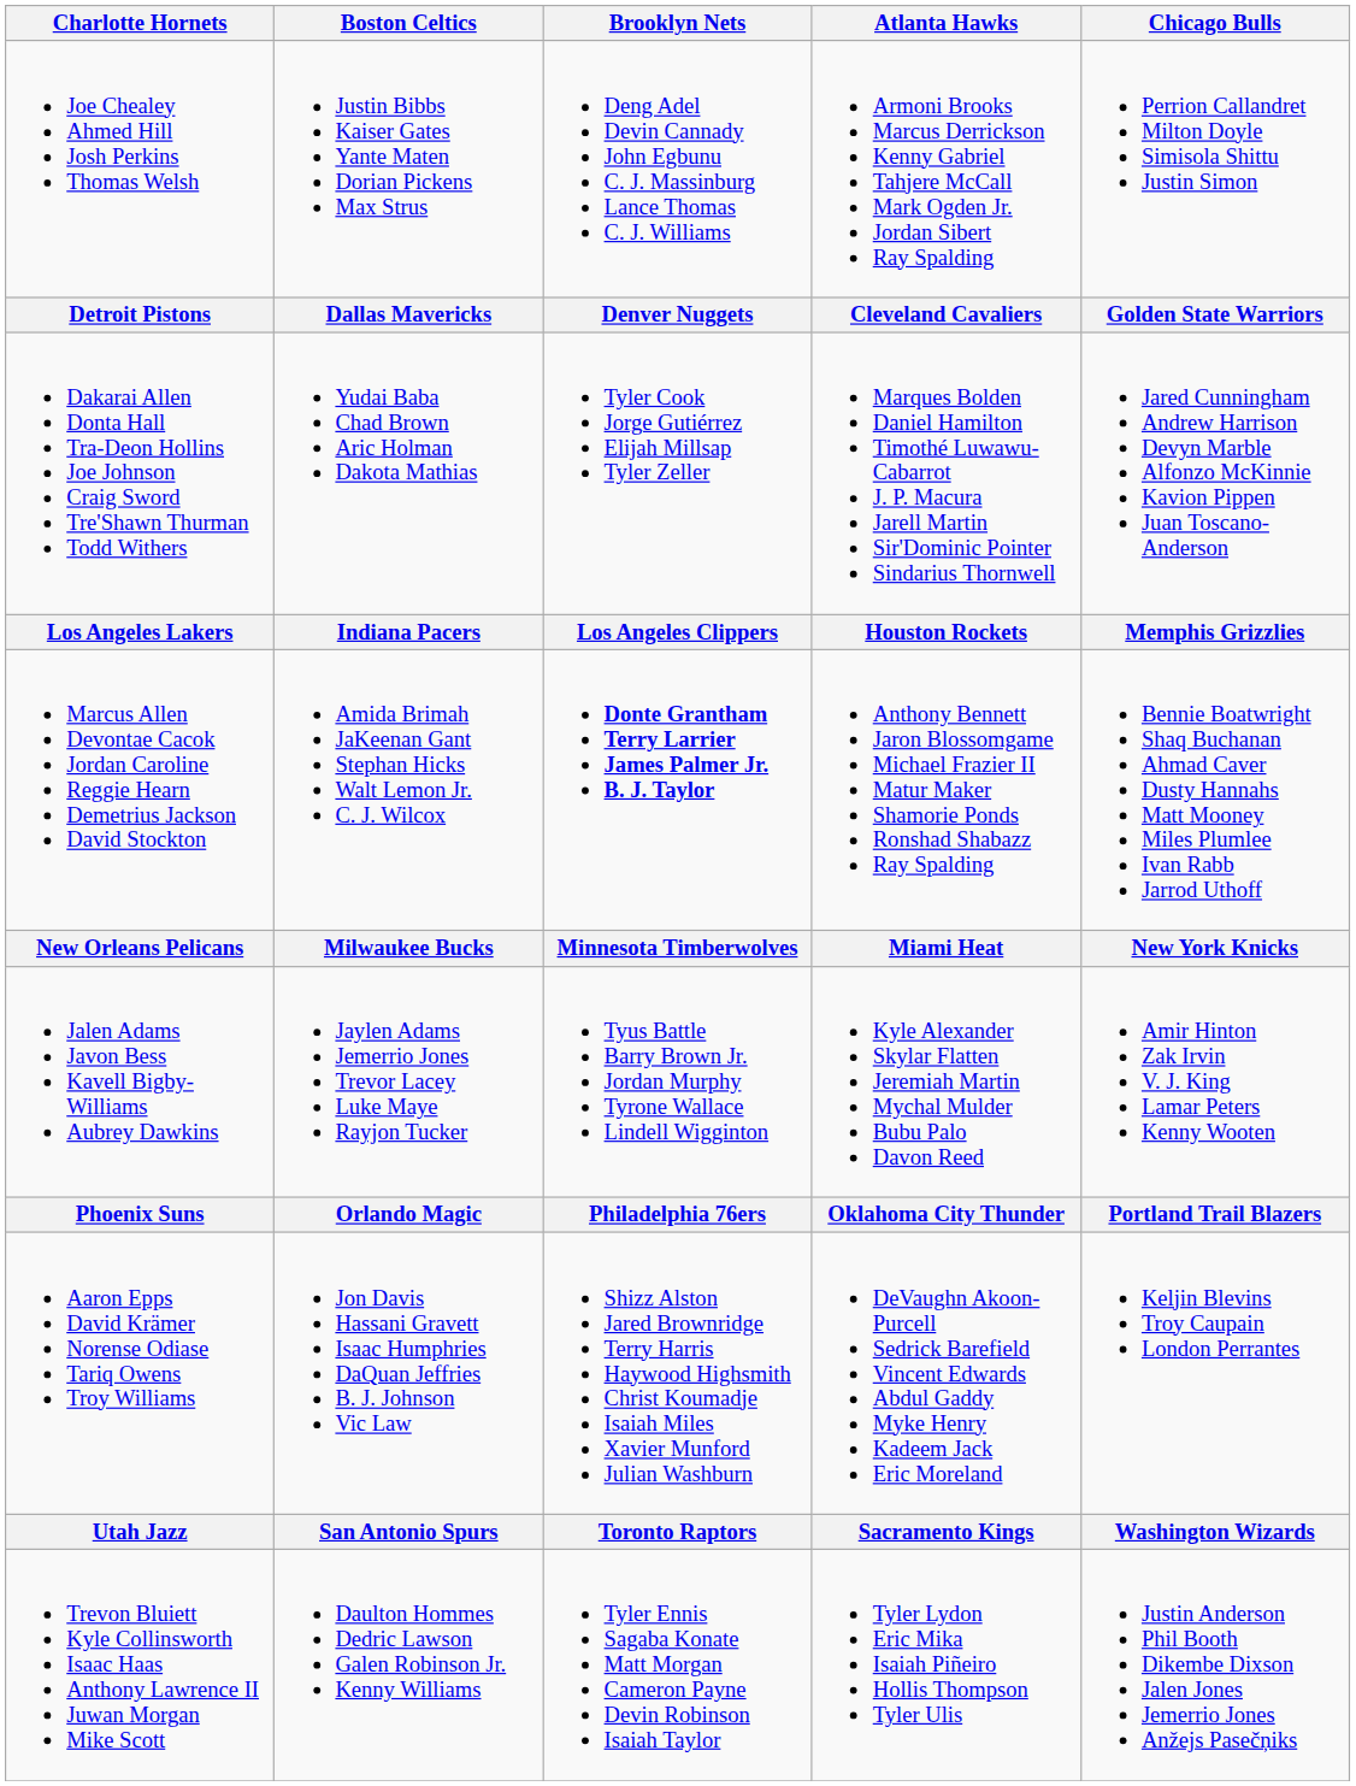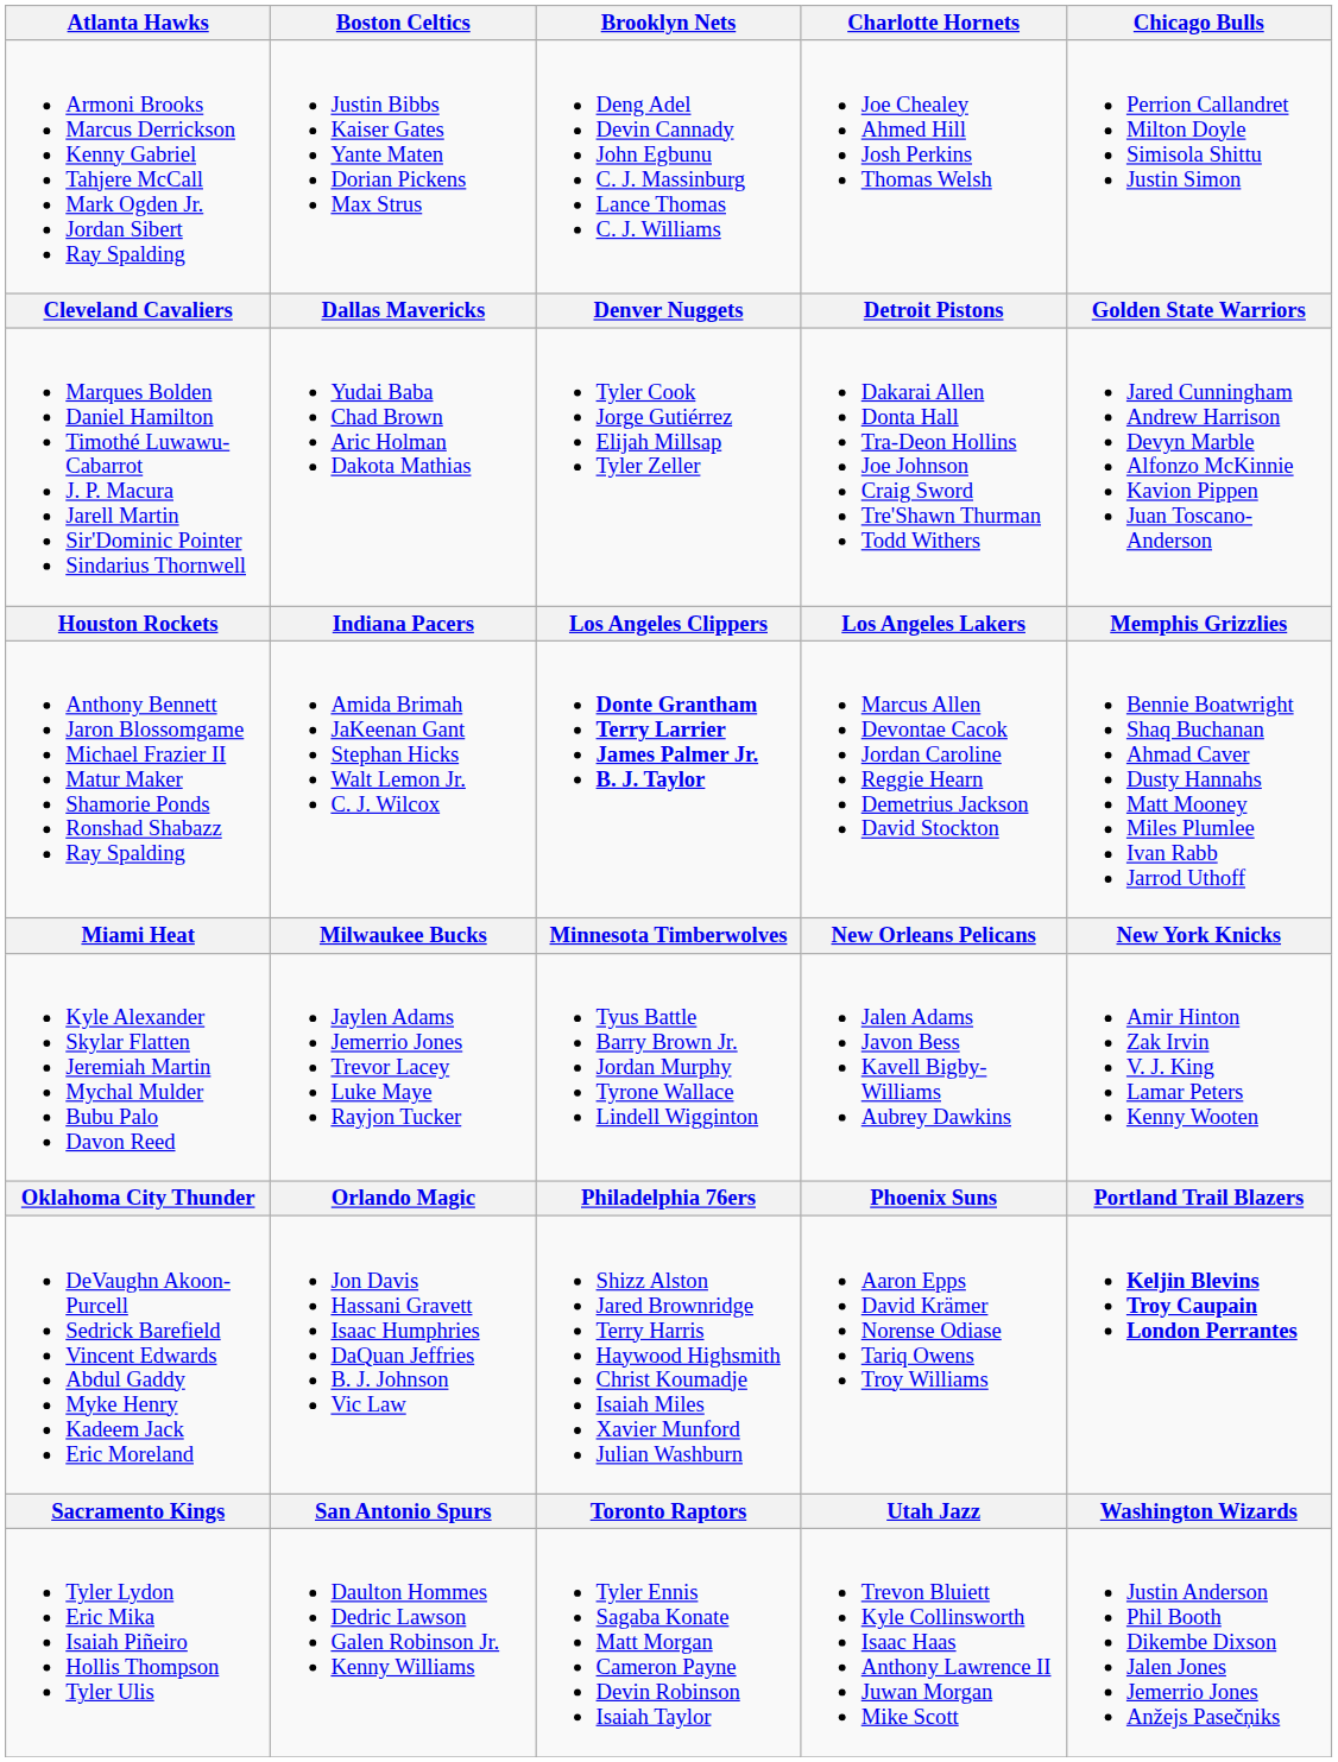 <table class="wikitable">
 <tr>
-<th style="width:185px"><a href='#'>Charlotte Hornets</a></th>
+<th style="width:185px"><a href='#'>Atlanta Hawks</a></th>
 <th style="width:185px"><a href='#'>Boston Celtics</a></th>
 <th style="width:185px"><a href='#'>Brooklyn Nets</a></th>
-<th style="width:185px"><a href='#'>Atlanta Hawks</a></th>
+<th style="width:185px"><a href='#'>Charlotte Hornets</a></th>
 <th style="width:185px"><a href='#'>Chicago Bulls</a></th>
 </tr>
 <tr>
-<td valign=top><br><ul><li><a href='#'>Joe Chealey</a></li><li><a href='#'>Ahmed Hill</a></li><li><a href='#'>Josh Perkins</a></li><li><a href='#'>Thomas Welsh</a></li></ul></td>
+<td valign=top><br><ul><li><a href='#'>Armoni Brooks</a></li><li><a href='#'>Marcus Derrickson</a></li><li><a href='#'>Kenny Gabriel</a></li><li><a href='#'>Tahjere McCall</a></li><li><a href='#'>Mark Ogden Jr.</a></li><li><a href='#'>Jordan Sibert</a></li><li><a href='#'>Ray Spalding</a></li></ul></td>
 <td valign=top><br><ul><li><a href='#'>Justin Bibbs</a></li><li><a href='#'>Kaiser Gates</a></li><li><a href='#'>Yante Maten</a></li><li><a href='#'>Dorian Pickens</a></li><li><a href='#'>Max Strus</a></li></ul></td>
 <td valign=top><br><ul><li><a href='#'>Deng Adel</a></li><li><a href='#'>Devin Cannady</a></li><li><a href='#'>John Egbunu</a></li><li><a href='#'>C. J. Massinburg</a></li><li><a href='#'>Lance Thomas</a></li><li><a href='#'>C. J. Williams</a></li></ul></td>
-<td valign=top><br><ul><li><a href='#'>Armoni Brooks</a></li><li><a href='#'>Marcus Derrickson</a></li><li><a href='#'>Kenny Gabriel</a></li><li><a href='#'>Tahjere McCall</a></li><li><a href='#'>Mark Ogden Jr.</a></li><li><a href='#'>Jordan Sibert</a></li><li><a href='#'>Ray Spalding</a></li></ul></td>
+<td valign=top><br><ul><li><a href='#'>Joe Chealey</a></li><li><a href='#'>Ahmed Hill</a></li><li><a href='#'>Josh Perkins</a></li><li><a href='#'>Thomas Welsh</a></li></ul></td>
 <td valign=top><br><ul><li><a href='#'>Perrion Callandret</a></li><li><a href='#'>Milton Doyle</a></li><li><a href='#'>Simisola Shittu</a></li><li><a href='#'>Justin Simon</a></li></ul></td>
 </tr>
 <tr>
-<th style="width:185px"><a href='#'>Detroit Pistons</a></th>
+<th style="width:185px"><a href='#'>Cleveland Cavaliers</a></th>
 <th style="width:185px"><a href='#'>Dallas Mavericks</a></th>
 <th style="width:185px"><a href='#'>Denver Nuggets</a></th>
-<th style="width:185px"><a href='#'>Cleveland Cavaliers</a></th>
+<th style="width:185px"><a href='#'>Detroit Pistons</a></th>
 <th style="width:185px"><a href='#'>Golden State Warriors</a></th>
 </tr>
 <tr>
-<td valign=top><br><ul><li><a href='#'>Dakarai Allen</a></li><li><a href='#'>Donta Hall</a></li><li><a href='#'>Tra-Deon Hollins</a></li><li><a href='#'>Joe Johnson</a></li><li><a href='#'>Craig Sword</a></li><li><a href='#'>Tre'Shawn Thurman</a></li><li><a href='#'>Todd Withers</a></li></ul></td>
+<td valign=top><br><ul><li><a href='#'>Marques Bolden</a></li><li><a href='#'>Daniel Hamilton</a></li><li><a href='#'>Timothé Luwawu-Cabarrot</a></li><li><a href='#'>J. P. Macura</a></li><li><a href='#'>Jarell Martin</a></li><li><a href='#'>Sir'Dominic Pointer</a></li><li><a href='#'>Sindarius Thornwell</a></li></ul></td>
 <td valign=top><br><ul><li><a href='#'>Yudai Baba</a></li><li><a href='#'>Chad Brown</a></li><li><a href='#'>Aric Holman</a></li><li><a href='#'>Dakota Mathias</a></li></ul></td>
 <td valign=top><br><ul><li><a href='#'>Tyler Cook</a></li><li><a href='#'>Jorge Gutiérrez</a></li><li><a href='#'>Elijah Millsap</a></li><li><a href='#'>Tyler Zeller</a></li></ul></td>
-<td valign=top><br><ul><li><a href='#'>Marques Bolden</a></li><li><a href='#'>Daniel Hamilton</a></li><li><a href='#'>Timothé Luwawu-Cabarrot</a></li><li><a href='#'>J. P. Macura</a></li><li><a href='#'>Jarell Martin</a></li><li><a href='#'>Sir'Dominic Pointer</a></li><li><a href='#'>Sindarius Thornwell</a></li></ul></td>
+<td valign=top><br><ul><li><a href='#'>Dakarai Allen</a></li><li><a href='#'>Donta Hall</a></li><li><a href='#'>Tra-Deon Hollins</a></li><li><a href='#'>Joe Johnson</a></li><li><a href='#'>Craig Sword</a></li><li><a href='#'>Tre'Shawn Thurman</a></li><li><a href='#'>Todd Withers</a></li></ul></td>
 <td valign=top><br><ul><li><a href='#'>Jared Cunningham</a></li><li><a href='#'>Andrew Harrison</a></li><li><a href='#'>Devyn Marble</a></li><li><a href='#'>Alfonzo McKinnie</a></li><li><a href='#'>Kavion Pippen</a></li><li><a href='#'>Juan Toscano-Anderson</a></li></ul></td>
 </tr>
 <tr>
-<th style="width:185px"><a href='#'>Los Angeles Lakers</a></th>
+<th style="width:185px"><a href='#'>Houston Rockets</a></th>
 <th style="width:185px"><a href='#'>Indiana Pacers</a></th>
 <th style="width:185px"><a href='#'>Los Angeles Clippers</a></th>
-<th style="width:185px"><a href='#'>Houston Rockets</a></th>
+<th style="width:185px"><a href='#'>Los Angeles Lakers</a></th>
 <th style="width:185px"><a href='#'>Memphis Grizzlies</a></th>
 </tr>
 <tr>
-<td valign=top><br><ul><li><a href='#'>Marcus Allen</a></li><li><a href='#'>Devontae Cacok</a></li><li><a href='#'>Jordan Caroline</a></li><li><a href='#'>Reggie Hearn</a></li><li><a href='#'>Demetrius Jackson</a></li><li><a href='#'>David Stockton</a></li></ul></td>
+<td valign=top><br><ul><li><a href='#'>Anthony Bennett</a></li><li><a href='#'>Jaron Blossomgame</a></li><li><a href='#'>Michael Frazier II</a></li><li><a href='#'>Matur Maker</a></li><li><a href='#'>Shamorie Ponds</a></li><li><a href='#'>Ronshad Shabazz</a></li><li><a href='#'>Ray Spalding</a></li></ul></td>
 <td valign=top><br><ul><li><a href='#'>Amida Brimah</a></li><li><a href='#'>JaKeenan Gant</a></li><li><a href='#'>Stephan Hicks</a></li><li><a href='#'>Walt Lemon Jr.</a></li><li><a href='#'>C. J. Wilcox</a></li></ul></td>
 <td valign=top><strong><br><ul><li><a href='#'>Donte Grantham</a></li><li><a href='#'>Terry Larrier</a></li><li><a href='#'>James Palmer Jr.</a></li><li><a href='#'>B. J. Taylor</a></li></ul></strong></td>
-<td valign=top><br><ul><li><a href='#'>Anthony Bennett</a></li><li><a href='#'>Jaron Blossomgame</a></li><li><a href='#'>Michael Frazier II</a></li><li><a href='#'>Matur Maker</a></li><li><a href='#'>Shamorie Ponds</a></li><li><a href='#'>Ronshad Shabazz</a></li><li><a href='#'>Ray Spalding</a></li></ul></td>
+<td valign=top><br><ul><li><a href='#'>Marcus Allen</a></li><li><a href='#'>Devontae Cacok</a></li><li><a href='#'>Jordan Caroline</a></li><li><a href='#'>Reggie Hearn</a></li><li><a href='#'>Demetrius Jackson</a></li><li><a href='#'>David Stockton</a></li></ul></td>
 <td valign=top><br><ul><li><a href='#'>Bennie Boatwright</a></li><li><a href='#'>Shaq Buchanan</a></li><li><a href='#'>Ahmad Caver</a></li><li><a href='#'>Dusty Hannahs</a></li><li><a href='#'>Matt Mooney</a></li><li><a href='#'>Miles Plumlee</a></li><li><a href='#'>Ivan Rabb</a></li><li><a href='#'>Jarrod Uthoff</a></li></ul></td>
 </tr>
 <tr>
-<th style="width:185px"><a href='#'>New Orleans Pelicans</a></th>
+<th style="width:185px"><a href='#'>Miami Heat</a></th>
 <th style="width:185px"><a href='#'>Milwaukee Bucks</a></th>
 <th style="width:185px"><a href='#'>Minnesota Timberwolves</a></th>
-<th style="width:185px"><a href='#'>Miami Heat</a></th>
+<th style="width:185px"><a href='#'>New Orleans Pelicans</a></th>
 <th style="width:185px"><a href='#'>New York Knicks</a></th>
 </tr>
 <tr>
-<td valign=top><br><ul><li><a href='#'>Jalen Adams</a></li><li><a href='#'>Javon Bess</a></li><li><a href='#'>Kavell Bigby-Williams</a></li><li><a href='#'>Aubrey Dawkins</a></li></ul></td>
+<td valign=top><br><ul><li><a href='#'>Kyle Alexander</a></li><li><a href='#'>Skylar Flatten</a></li><li><a href='#'>Jeremiah Martin</a></li><li><a href='#'>Mychal Mulder</a></li><li><a href='#'>Bubu Palo</a></li><li><a href='#'>Davon Reed</a></li></ul></td>
 <td valign=top><br><ul><li><a href='#'>Jaylen Adams</a></li><li><a href='#'>Jemerrio Jones</a></li><li><a href='#'>Trevor Lacey</a></li><li><a href='#'>Luke Maye</a></li><li><a href='#'>Rayjon Tucker</a></li></ul></td>
 <td valign=top><br><ul><li><a href='#'>Tyus Battle</a></li><li><a href='#'>Barry Brown Jr.</a></li><li><a href='#'>Jordan Murphy</a></li><li><a href='#'>Tyrone Wallace</a></li><li><a href='#'>Lindell Wigginton</a></li></ul></td>
-<td valign=top><br><ul><li><a href='#'>Kyle Alexander</a></li><li><a href='#'>Skylar Flatten</a></li><li><a href='#'>Jeremiah Martin</a></li><li><a href='#'>Mychal Mulder</a></li><li><a href='#'>Bubu Palo</a></li><li><a href='#'>Davon Reed</a></li></ul></td>
+<td valign=top><br><ul><li><a href='#'>Jalen Adams</a></li><li><a href='#'>Javon Bess</a></li><li><a href='#'>Kavell Bigby-Williams</a></li><li><a href='#'>Aubrey Dawkins</a></li></ul></td>
 <td valign=top><br><ul><li><a href='#'>Amir Hinton</a></li><li><a href='#'>Zak Irvin</a></li><li><a href='#'>V. J. King</a></li><li><a href='#'>Lamar Peters</a></li><li><a href='#'>Kenny Wooten</a></li></ul></td>
 </tr>
 <tr>
-<th style="width:185px"><a href='#'>Phoenix Suns</a></th>
+<th style="width:185px"><a href='#'>Oklahoma City Thunder</a></th>
 <th style="width:185px"><a href='#'>Orlando Magic</a></th>
 <th style="width:185px"><a href='#'>Philadelphia 76ers</a></th>
-<th style="width:185px"><a href='#'>Oklahoma City Thunder</a></th>
+<th style="width:185px"><a href='#'>Phoenix Suns</a></th>
 <th style="width:185px"><a href='#'>Portland Trail Blazers</a></th>
 </tr>
 <tr>
-<td valign=top><br><ul><li><a href='#'>Aaron Epps</a></li><li><a href='#'>David Krämer</a></li><li><a href='#'>Norense Odiase</a></li><li><a href='#'>Tariq Owens</a></li><li><a href='#'>Troy Williams</a></li></ul></td>
+<td valign=top><br><ul><li><a href='#'>DeVaughn Akoon-Purcell</a></li><li><a href='#'>Sedrick Barefield</a></li><li><a href='#'>Vincent Edwards</a></li><li><a href='#'>Abdul Gaddy</a></li><li><a href='#'>Myke Henry</a></li><li><a href='#'>Kadeem Jack</a></li><li><a href='#'>Eric Moreland</a></li></ul></td>
 <td valign=top><br><ul><li><a href='#'>Jon Davis</a></li><li><a href='#'>Hassani Gravett</a></li><li><a href='#'>Isaac Humphries</a></li><li><a href='#'>DaQuan Jeffries</a></li><li><a href='#'>B. J. Johnson</a></li><li><a href='#'>Vic Law</a></li></ul></td>
 <td valign=top><br><ul><li><a href='#'>Shizz Alston</a></li><li><a href='#'>Jared Brownridge</a></li><li><a href='#'>Terry Harris</a></li><li><a href='#'>Haywood Highsmith</a></li><li><a href='#'>Christ Koumadje</a></li><li><a href='#'>Isaiah Miles</a></li><li><a href='#'>Xavier Munford</a></li><li><a href='#'>Julian Washburn</a></li></ul></td>
-<td valign=top><br><ul><li><a href='#'>DeVaughn Akoon-Purcell</a></li><li><a href='#'>Sedrick Barefield</a></li><li><a href='#'>Vincent Edwards</a></li><li><a href='#'>Abdul Gaddy</a></li><li><a href='#'>Myke Henry</a></li><li><a href='#'>Kadeem Jack</a></li><li><a href='#'>Eric Moreland</a></li></ul></td>
-<td valign=top><br><ul><li><a href='#'>Keljin Blevins</a></li><li><a href='#'>Troy Caupain</a></li><li><a href='#'>London Perrantes</a></li></ul></td>
+<td valign=top><br><ul><li><a href='#'>Aaron Epps</a></li><li><a href='#'>David Krämer</a></li><li><a href='#'>Norense Odiase</a></li><li><a href='#'>Tariq Owens</a></li><li><a href='#'>Troy Williams</a></li></ul></td>
+<td valign=top><strong><br><ul><li><a href='#'>Keljin Blevins</a></li><li><a href='#'>Troy Caupain</a></li><li><a href='#'>London Perrantes</a></li></ul></strong></td>
 </tr>
 <tr>
-<th style="width:185px"><a href='#'>Utah Jazz</a></th>
+<th style="width:185px"><a href='#'>Sacramento Kings</a></th>
 <th style="width:185px"><a href='#'>San Antonio Spurs</a></th>
 <th style="width:185px"><a href='#'>Toronto Raptors</a></th>
-<th style="width:185px"><a href='#'>Sacramento Kings</a></th>
+<th style="width:185px"><a href='#'>Utah Jazz</a></th>
 <th style="width:185px"><a href='#'>Washington Wizards</a></th>
 </tr>
 <tr>
-<td valign=top><br><ul><li><a href='#'>Trevon Bluiett</a></li><li><a href='#'>Kyle Collinsworth</a></li><li><a href='#'>Isaac Haas</a></li><li><a href='#'>Anthony Lawrence II</a></li><li><a href='#'>Juwan Morgan</a></li><li><a href='#'>Mike Scott</a></li></ul></td>
+<td valign=top><br><ul><li><a href='#'>Tyler Lydon</a></li><li><a href='#'>Eric Mika</a></li><li><a href='#'>Isaiah Piñeiro</a></li><li><a href='#'>Hollis Thompson</a></li><li><a href='#'>Tyler Ulis</a></li></ul></td>
 <td valign=top><br><ul><li><a href='#'>Daulton Hommes</a></li><li><a href='#'>Dedric Lawson</a></li><li><a href='#'>Galen Robinson Jr.</a></li><li><a href='#'>Kenny Williams</a></li></ul></td>
 <td valign=top><br><ul><li><a href='#'>Tyler Ennis</a></li><li><a href='#'>Sagaba Konate</a></li><li><a href='#'>Matt Morgan</a></li><li><a href='#'>Cameron Payne</a></li><li><a href='#'>Devin Robinson</a></li><li><a href='#'>Isaiah Taylor</a></li></ul></td>
-<td valign=top><br><ul><li><a href='#'>Tyler Lydon</a></li><li><a href='#'>Eric Mika</a></li><li><a href='#'>Isaiah Piñeiro</a></li><li><a href='#'>Hollis Thompson</a></li><li><a href='#'>Tyler Ulis</a></li></ul></td>
+<td valign=top><br><ul><li><a href='#'>Trevon Bluiett</a></li><li><a href='#'>Kyle Collinsworth</a></li><li><a href='#'>Isaac Haas</a></li><li><a href='#'>Anthony Lawrence II</a></li><li><a href='#'>Juwan Morgan</a></li><li><a href='#'>Mike Scott</a></li></ul></td>
 <td valign=top><br><ul><li><a href='#'>Justin Anderson</a></li><li><a href='#'>Phil Booth</a></li><li><a href='#'>Dikembe Dixson</a></li><li><a href='#'>Jalen Jones</a></li><li><a href='#'>Jemerrio Jones</a></li><li><a href='#'>Anžejs Pasečņiks</a></li></ul></td>
 </tr>
 </table>
